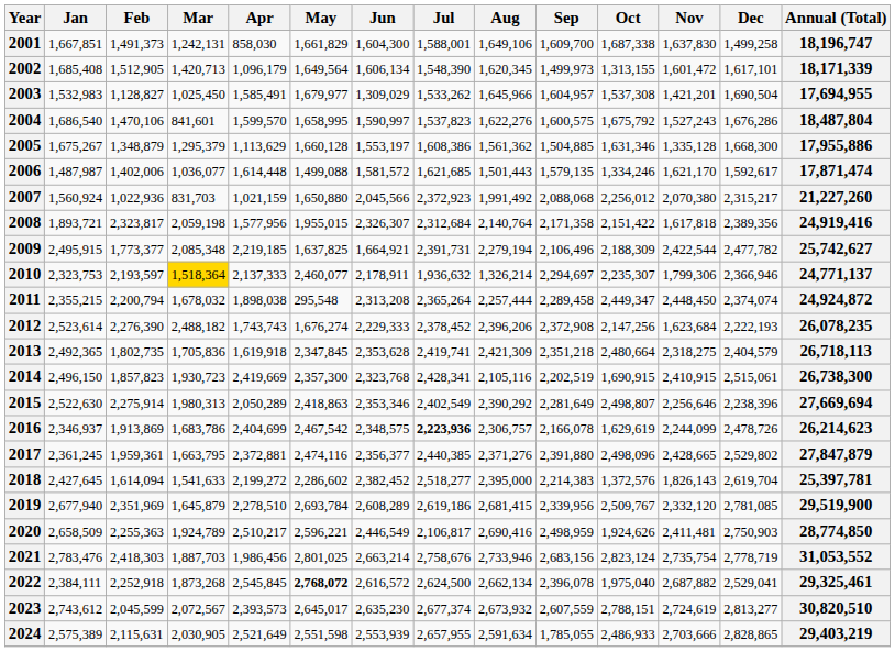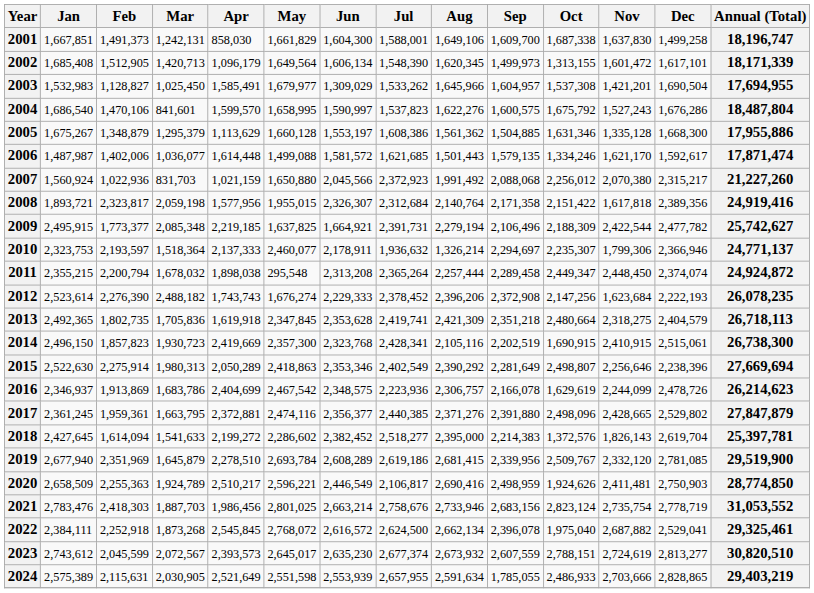 <table class="wikitable">
 <tr>
 <th>Year</th>
 <th>Jan</th>
 <th>Feb</th>
 <th>Mar</th>
 <th>Apr</th>
 <th>May</th>
 <th>Jun</th>
 <th>Jul</th>
 <th>Aug</th>
 <th>Sep</th>
 <th>Oct</th>
 <th>Nov</th>
 <th>Dec</th>
 <th>Annual (Total)</th>
 </tr>
 <tr>
 <th>2001</th>
 <td><small>1,667,851</small></td>
 <td><small>1,491,373</small></td>
 <td><small>1,242,131</small></td>
 <td><small>858,030</small></td>
 <td><small>1,661,829</small></td>
 <td><small>1,604,300</small></td>
 <td><small>1,588,001</small></td>
 <td><small>1,649,106</small></td>
 <td><small>1,609,700</small></td>
 <td><small>1,687,338</small></td>
 <td><small>1,637,830</small></td>
 <td><small>1,499,258</small></td>
 <th>18,196,747</th>
 </tr>
 <tr>
 <th>2002</th>
 <td><small>1,685,408</small></td>
 <td><small>1,512,905</small></td>
 <td><small>1,420,713</small></td>
 <td><small>1,096,179</small></td>
 <td><small>1,649,564</small></td>
 <td><small>1,606,134</small></td>
 <td><small>1,548,390</small></td>
 <td><small>1,620,345</small></td>
 <td><small>1,499,973</small></td>
 <td><small>1,313,155</small></td>
 <td><small>1,601,472</small></td>
 <td><small>1,617,101</small></td>
 <th>18,171,339</th>
 </tr>
 <tr>
 <th>2003</th>
 <td><small>1,532,983</small></td>
 <td><small>1,128,827</small></td>
 <td><small>1,025,450</small></td>
 <td><small>1,585,491</small></td>
 <td><small>1,679,977</small></td>
 <td><small>1,309,029</small></td>
 <td><small>1,533,262</small></td>
 <td><small>1,645,966</small></td>
 <td><small>1,604,957</small></td>
 <td><small>1,537,308</small></td>
 <td><small>1,421,201</small></td>
 <td><small>1,690,504</small></td>
 <th>17,694,955</th>
 </tr>
 <tr>
 <th>2004</th>
 <td><small>1,686,540</small></td>
 <td><small>1,470,106</small></td>
 <td><small>841,601</small></td>
 <td><small>1,599,570</small></td>
 <td><small>1,658,995</small></td>
 <td><small>1,590,997</small></td>
 <td><small>1,537,823</small></td>
 <td><small>1,622,276</small></td>
 <td><small>1,600,575</small></td>
 <td><small>1,675,792</small></td>
 <td><small>1,527,243</small></td>
 <td><small>1,676,286</small></td>
 <th>18,487,804</th>
 </tr>
 <tr>
 <th>2005</th>
 <td><small>1,675,267</small></td>
 <td><small>1,348,879</small></td>
 <td><small>1,295,379</small></td>
 <td><small>1,113,629</small></td>
 <td><small>1,660,128</small></td>
 <td><small>1,553,197</small></td>
 <td><small>1,608,386</small></td>
 <td><small>1,561,362</small></td>
 <td><small>1,504,885</small></td>
 <td><small>1,631,346</small></td>
 <td><small>1,335,128</small></td>
 <td><small>1,668,300</small></td>
 <th>17,955,886</th>
 </tr>
 <tr>
 <th>2006</th>
 <td><small>1,487,987</small></td>
 <td><small>1,402,006</small></td>
 <td><small>1,036,077</small></td>
 <td><small>1,614,448</small></td>
 <td><small>1,499,088</small></td>
 <td><small>1,581,572</small></td>
 <td><small>1,621,685</small></td>
 <td><small>1,501,443</small></td>
 <td><small>1,579,135</small></td>
 <td><small>1,334,246</small></td>
 <td><small>1,621,170</small></td>
 <td><small>1,592,617</small></td>
 <th>17,871,474</th>
 </tr>
 <tr>
 <th>2007</th>
 <td><small>1,560,924</small></td>
 <td><small>1,022,936</small></td>
 <td><small>831,703</small></td>
 <td><small>1,021,159</small></td>
 <td><small>1,650,880</small></td>
 <td><small>2,045,566</small></td>
 <td><small>2,372,923</small></td>
 <td><small>1,991,492</small></td>
 <td><small>2,088,068</small></td>
 <td><small>2,256,012</small></td>
 <td><small>2,070,380</small></td>
 <td><small>2,315,217</small></td>
 <th>21,227,260</th>
 </tr>
 <tr>
 <th>2008</th>
 <td><small>1,893,721</small></td>
 <td><small>2,323,817</small></td>
 <td><small>2,059,198</small></td>
 <td><small>1,577,956</small></td>
 <td><small>1,955,015</small></td>
 <td><small>2,326,307</small></td>
 <td><small>2,312,684</small></td>
 <td><small>2,140,764</small></td>
 <td><small>2,171,358</small></td>
 <td><small>2,151,422</small></td>
 <td><small>1,617,818</small></td>
 <td><small>2,389,356</small></td>
 <th>24,919,416</th>
 </tr>
 <tr>
 <th>2009</th>
 <td><small>2,495,915</small></td>
 <td><small>1,773,377</small></td>
 <td><small>2,085,348</small></td>
 <td><small>2,219,185</small></td>
 <td><small>1,637,825</small></td>
 <td><small>1,664,921</small></td>
 <td><small>2,391,731</small></td>
 <td><small>2,279,194</small></td>
 <td><small>2,106,496</small></td>
 <td><small>2,188,309</small></td>
 <td><small>2,422,544</small></td>
 <td><small>2,477,782</small></td>
 <th>25,742,627</th>
 </tr>
 <tr>
 <th>2010</th>
 <td><small>2,323,753</small></td>
 <td><small>2,193,597</small></td>
-<td style="background: gold;"><small>1,518,364</small></td>
+<td><small>1,518,364</small></td>
 <td><small>2,137,333</small></td>
 <td><small>2,460,077</small></td>
 <td><small>2,178,911</small></td>
 <td><small>1,936,632</small></td>
 <td><small>1,326,214</small></td>
 <td><small>2,294,697</small></td>
 <td><small>2,235,307</small></td>
 <td><small>1,799,306</small></td>
 <td><small>2,366,946</small></td>
 <th>24,771,137</th>
 </tr>
 <tr>
 <th>2011</th>
 <td><small>2,355,215</small></td>
 <td><small>2,200,794</small></td>
 <td><small>1,678,032</small></td>
 <td><small>1,898,038</small></td>
 <td><small>295,548</small></td>
 <td><small>2,313,208</small></td>
 <td><small>2,365,264</small></td>
 <td><small>2,257,444</small></td>
 <td><small>2,289,458</small></td>
 <td><small>2,449,347</small></td>
 <td><small>2,448,450</small></td>
 <td><small>2,374,074</small></td>
 <th>24,924,872</th>
 </tr>
 <tr>
 <th>2012</th>
 <td><small>2,523,614</small></td>
 <td><small>2,276,390</small></td>
 <td><small>2,488,182</small></td>
 <td><small>1,743,743</small></td>
 <td><small>1,676,274</small></td>
 <td><small>2,229,333</small></td>
 <td><small>2,378,452</small></td>
 <td><small>2,396,206</small></td>
 <td><small>2,372,908</small></td>
 <td><small>2,147,256</small></td>
 <td><small>1,623,684</small></td>
 <td><small>2,222,193</small></td>
 <th>26,078,235</th>
 </tr>
 <tr>
 <th>2013</th>
 <td><small>2,492,365</small></td>
 <td><small>1,802,735</small></td>
 <td><small>1,705,836</small></td>
 <td><small>1,619,918</small></td>
 <td><small>2,347,845</small></td>
 <td><small>2,353,628</small></td>
 <td><small>2,419,741</small></td>
 <td><small>2,421,309</small></td>
 <td><small>2,351,218</small></td>
 <td><small>2,480,664</small></td>
 <td><small>2,318,275</small></td>
 <td><small>2,404,579</small></td>
 <th>26,718,113</th>
 </tr>
 <tr>
 <th>2014</th>
 <td><small>2,496,150</small></td>
 <td><small>1,857,823</small></td>
 <td><small>1,930,723</small></td>
 <td><small>2,419,669</small></td>
 <td><small>2,357,300</small></td>
 <td><small>2,323,768</small></td>
 <td><small>2,428,341</small></td>
 <td><small>2,105,116</small></td>
 <td><small>2,202,519</small></td>
 <td><small>1,690,915</small></td>
 <td><small>2,410,915</small></td>
 <td><small>2,515,061</small></td>
 <th>26,738,300</th>
 </tr>
 <tr>
 <th>2015</th>
 <td><small>2,522,630</small></td>
 <td><small>2,275,914</small></td>
 <td><small>1,980,313</small></td>
 <td><small>2,050,289</small></td>
 <td><small>2,418,863</small></td>
 <td><small>2,353,346</small></td>
 <td><small>2,402,549</small></td>
 <td><small>2,390,292</small></td>
 <td><small>2,281,649</small></td>
 <td><small>2,498,807</small></td>
 <td><small>2,256,646</small></td>
 <td><small>2,238,396</small></td>
 <th>27,669,694</th>
 </tr>
 <tr>
 <th>2016</th>
 <td><small>2,346,937</small></td>
 <td><small>1,913,869</small></td>
 <td><small>1,683,786</small></td>
 <td><small>2,404,699</small></td>
 <td><small>2,467,542</small></td>
 <td><small>2,348,575</small></td>
-<td><strong><small>2,223,936</small></strong></td>
+<td><small>2,223,936</small></td>
 <td><small>2,306,757</small></td>
 <td><small>2,166,078</small></td>
 <td><small>1,629,619</small></td>
 <td><small>2,244,099</small></td>
 <td><small>2,478,726</small></td>
 <th>26,214,623</th>
 </tr>
 <tr>
 <th>2017</th>
 <td><small>2,361,245</small></td>
 <td><small>1,959,361</small></td>
 <td><small>1,663,795</small></td>
 <td><small>2,372,881</small></td>
 <td><small>2,474,116</small></td>
 <td><small>2,356,377</small></td>
 <td><small>2,440,385</small></td>
 <td><small>2,371,276</small></td>
 <td><small>2,391,880</small></td>
 <td><small>2,498,096</small></td>
 <td><small>2,428,665</small></td>
 <td><small>2,529,802</small></td>
 <th>27,847,879</th>
 </tr>
 <tr>
 <th>2018</th>
 <td><small>2,427,645</small></td>
 <td><small>1,614,094</small></td>
 <td><small>1,541,633</small></td>
 <td><small>2,199,272</small></td>
 <td><small>2,286,602</small></td>
 <td><small>2,382,452</small></td>
 <td><small>2,518,277</small></td>
 <td><small>2,395,000</small></td>
 <td><small>2,214,383</small></td>
 <td><small>1,372,576</small></td>
 <td><small>1,826,143</small></td>
 <td><small>2,619,704</small></td>
 <th>25,397,781</th>
 </tr>
 <tr>
 <th>2019</th>
 <td><small>2,677,940</small></td>
 <td><small>2,351,969</small></td>
 <td><small>1,645,879</small></td>
 <td><small>2,278,510</small></td>
 <td><small>2,693,784</small></td>
 <td><small>2,608,289</small></td>
 <td><small>2,619,186</small></td>
 <td><small>2,681,415</small></td>
 <td><small>2,339,956</small></td>
 <td><small>2,509,767</small></td>
 <td><small>2,332,120</small></td>
 <td><small>2,781,085</small></td>
 <th>29,519,900</th>
 </tr>
 <tr>
 <th>2020</th>
 <td><small>2,658,509</small></td>
 <td><small>2,255,363</small></td>
 <td><small>1,924,789</small></td>
 <td><small>2,510,217</small></td>
 <td><small>2,596,221</small></td>
 <td><small>2,446,549</small></td>
 <td><small>2,106,817</small></td>
 <td><small>2,690,416</small></td>
 <td><small>2,498,959</small></td>
 <td><small>1,924,626</small></td>
 <td><small>2,411,481</small></td>
 <td><small>2,750,903</small></td>
 <th>28,774,850</th>
 </tr>
 <tr>
 <th>2021</th>
 <td><small>2,783,476</small></td>
 <td><small>2,418,303</small></td>
 <td><small>1,887,703</small></td>
 <td><small>1,986,456</small></td>
 <td><small>2,801,025</small></td>
 <td><small>2,663,214</small></td>
 <td><small>2,758,676</small></td>
 <td><small>2,733,946</small></td>
 <td><small>2,683,156</small></td>
 <td><small>2,823,124</small></td>
 <td><small>2,735,754</small></td>
 <td><small>2,778,719</small></td>
 <th>31,053,552</th>
 </tr>
 <tr>
 <th>2022</th>
 <td><small>2,384,111</small></td>
 <td><small>2,252,918</small></td>
 <td><small>1,873,268</small></td>
 <td><small>2,545,845</small></td>
-<td><strong><small>2,768,072</small></strong></td>
+<td><small>2,768,072</small></td>
 <td><small>2,616,572</small></td>
 <td><small>2,624,500</small></td>
 <td><small>2,662,134</small></td>
 <td><small>2,396,078</small></td>
 <td><small>1,975,040</small></td>
 <td><small>2,687,882</small></td>
 <td><small>2,529,041</small></td>
 <th>29,325,461</th>
 </tr>
 <tr>
 <th>2023</th>
 <td><small>2,743,612</small></td>
 <td><small>2,045,599</small></td>
 <td><small>2,072,567</small></td>
 <td><small>2,393,573</small></td>
 <td><small>2,645,017</small></td>
 <td><small>2,635,230</small></td>
 <td><small>2,677,374</small></td>
 <td><small>2,673,932</small></td>
 <td><small>2,607,559</small></td>
 <td><small>2,788,151</small></td>
 <td><small>2,724,619</small></td>
 <td><small>2,813,277</small></td>
 <th>30,820,510</th>
 </tr>
 <tr>
 <th>2024</th>
 <td><small>2,575,389</small></td>
 <td><small>2,115,631</small></td>
 <td><small>2,030,905</small></td>
 <td><small>2,521,649</small></td>
 <td><small>2,551,598</small></td>
 <td><small>2,553,939</small></td>
 <td><small>2,657,955</small></td>
 <td><small>2,591,634</small></td>
 <td><small>1,785,055</small></td>
 <td><small>2,486,933</small></td>
 <td><small>2,703,666</small></td>
 <td><small>2,828,865</small></td>
 <th>29,403,219</th>
 </tr>
 <tr>
 </tr>
 </table>
